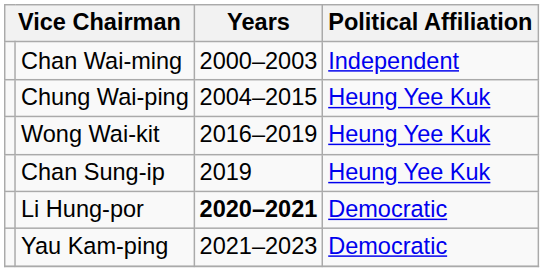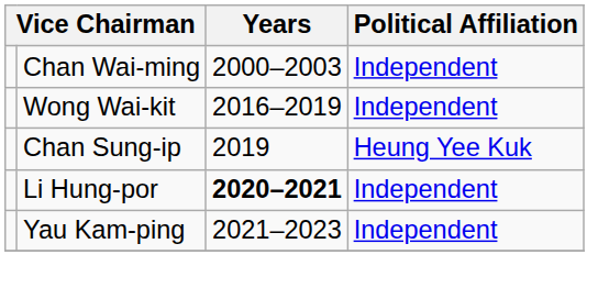 <table class="wikitable">
 <tr>
 <th colspan=2>Vice Chairman</th>
 <th>Years</th>
 <th>Political Affiliation</th>
 </tr>
 <tr>
 <td style="background: "></td>
 <td>Chan Wai-ming</td>
 <td>2000–2003</td>
 <td><a href='#'>Independent</a></td>
 </tr>
 <tr>
-<td></td>
-<td>Chung Wai-ping</td>
-<td>2004–2015</td>
-<td><a href='#'>Heung Yee Kuk</a></td>
-</tr>
-<tr>
 <td style="background: "></td>
 <td>Wong Wai-kit</td>
 <td>2016–2019</td>
-<td><a href='#'>Heung Yee Kuk</a></td>
+<td><a href='#'>Independent</a></td>
 </tr>
 <tr>
 <td></td>
 <td>Chan Sung-ip</td>
 <td>2019</td>
 <td><a href='#'>Heung Yee Kuk</a></td>
 </tr>
 <tr>
 <td></td>
 <td>Li Hung-por</td>
 <td><strong>2020–2021</strong></td>
-<td><a href='#'>Democratic</a></td>
+<td><a href='#'>Independent</a></td>
 </tr>
 <tr>
 <td style="background: "></td>
 <td>Yau Kam-ping</td>
 <td>2021–2023</td>
-<td><a href='#'>Democratic</a></td>
+<td><a href='#'>Independent</a></td>
 </tr>
 <tr>
 </tr>
 </table>
